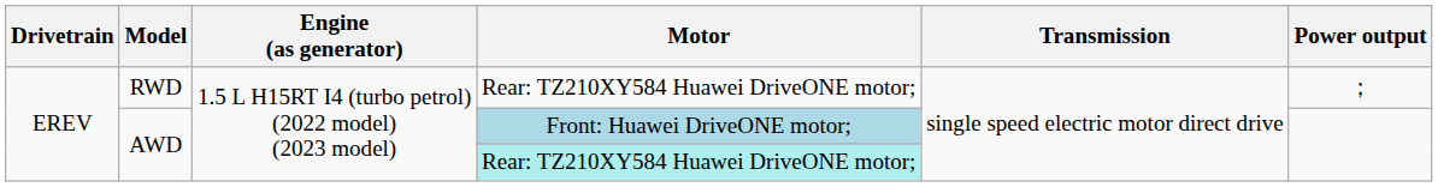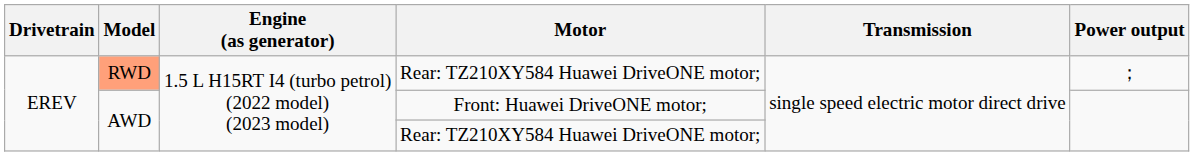 <table class="wikitable sortable" style="text-align: center;">
 <tr>
 <th>Drivetrain</th>
 <th>Model</th>
 <th>Engine<br>(as generator)</th>
 <th>Motor</th>
 <th>Transmission</th>
 <th>Power output</th>
 </tr>
 <tr>
 <td rowspan="3">EREV</td>
-<td>RWD</td>
+<td style="background: lightsalmon;">RWD</td>
 <td rowspan="3">1.5 L H15RT I4 (turbo petrol)<br> (2022 model)<br> (2023 model)</td>
 <td>Rear: TZ210XY584  Huawei DriveONE motor;<br></td>
 <td rowspan="3">single speed electric motor direct drive</td>
 <td>；</td>
 </tr>
 <tr>
 <td rowspan="2">AWD</td>
-<td style="background: lightblue;">Front: Huawei DriveONE motor;<br></td>
+<td>Front: Huawei DriveONE motor;<br></td>
 <td rowspan="2"></td>
 </tr>
 <tr>
-<td style="background: paleturquoise;">Rear: TZ210XY584  Huawei DriveONE motor;<br></td>
+<td>Rear: TZ210XY584  Huawei DriveONE motor;<br></td>
 </tr>
 </table>
